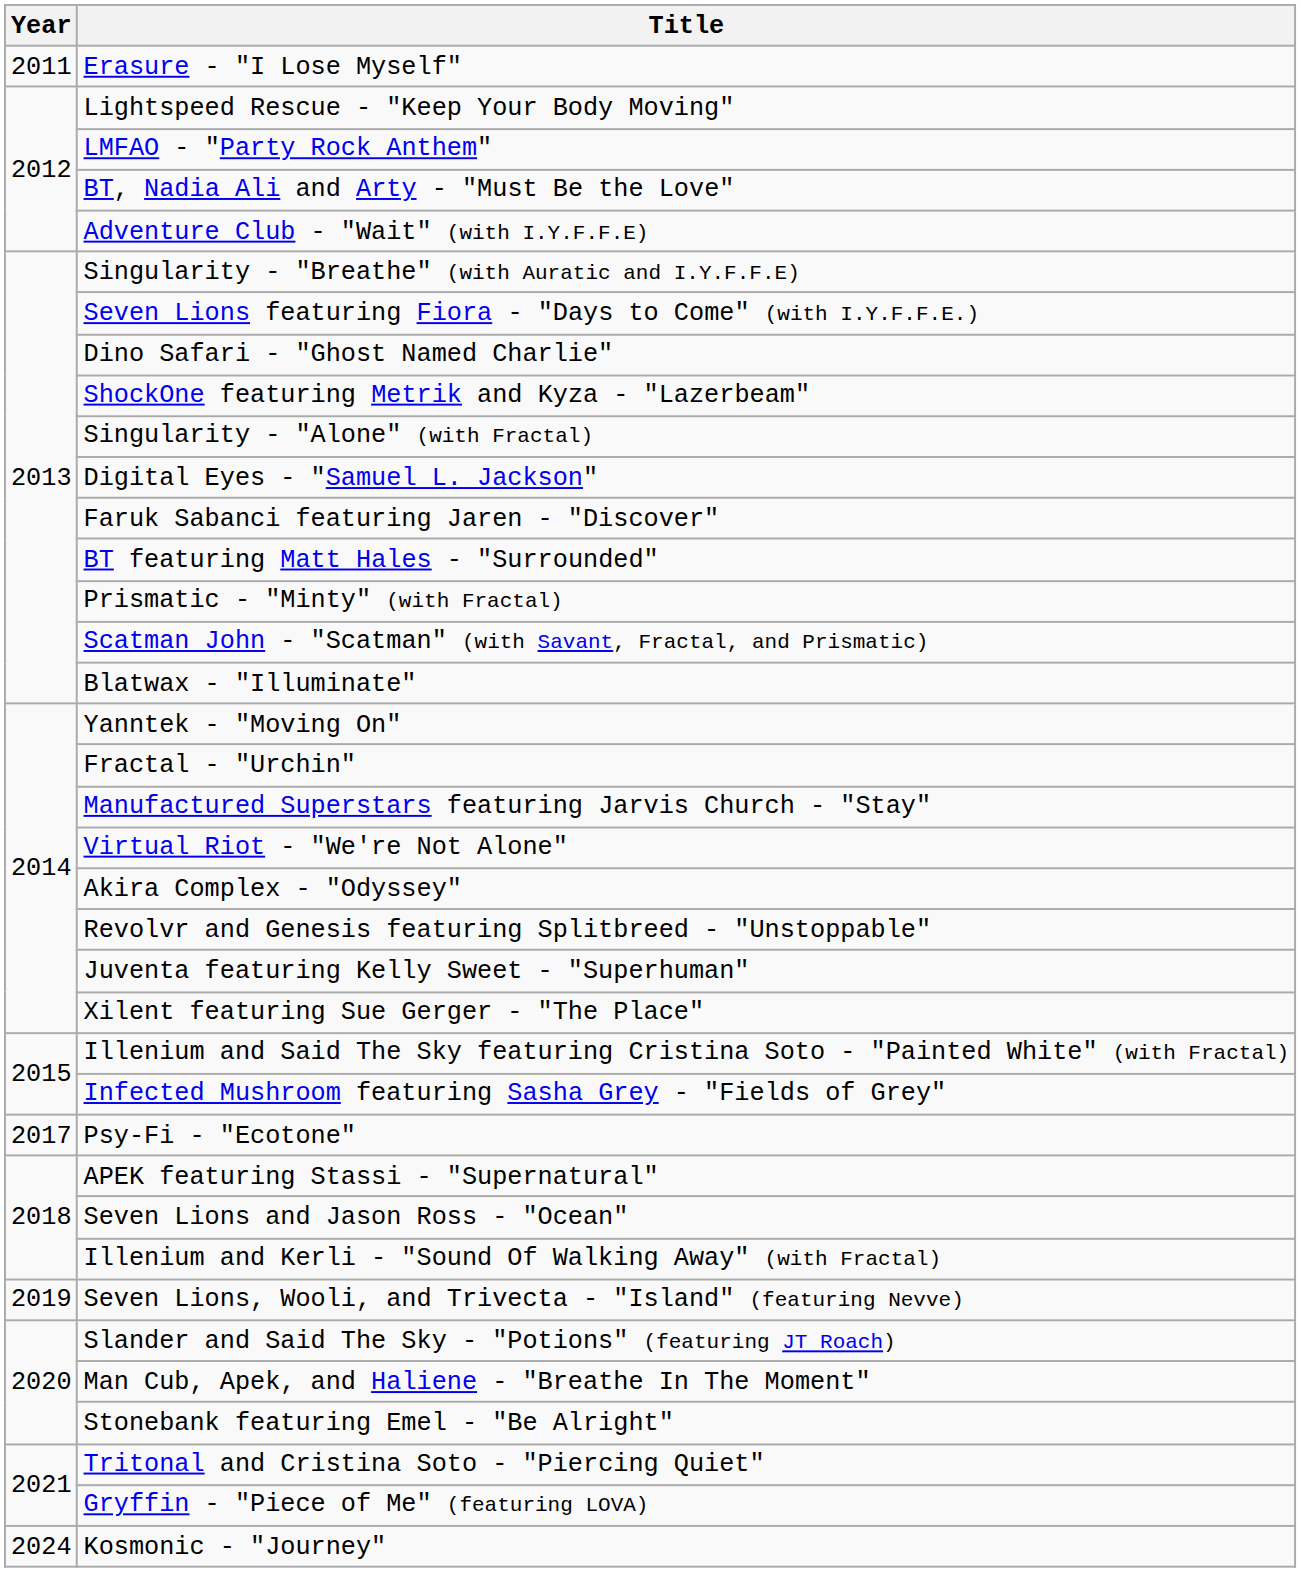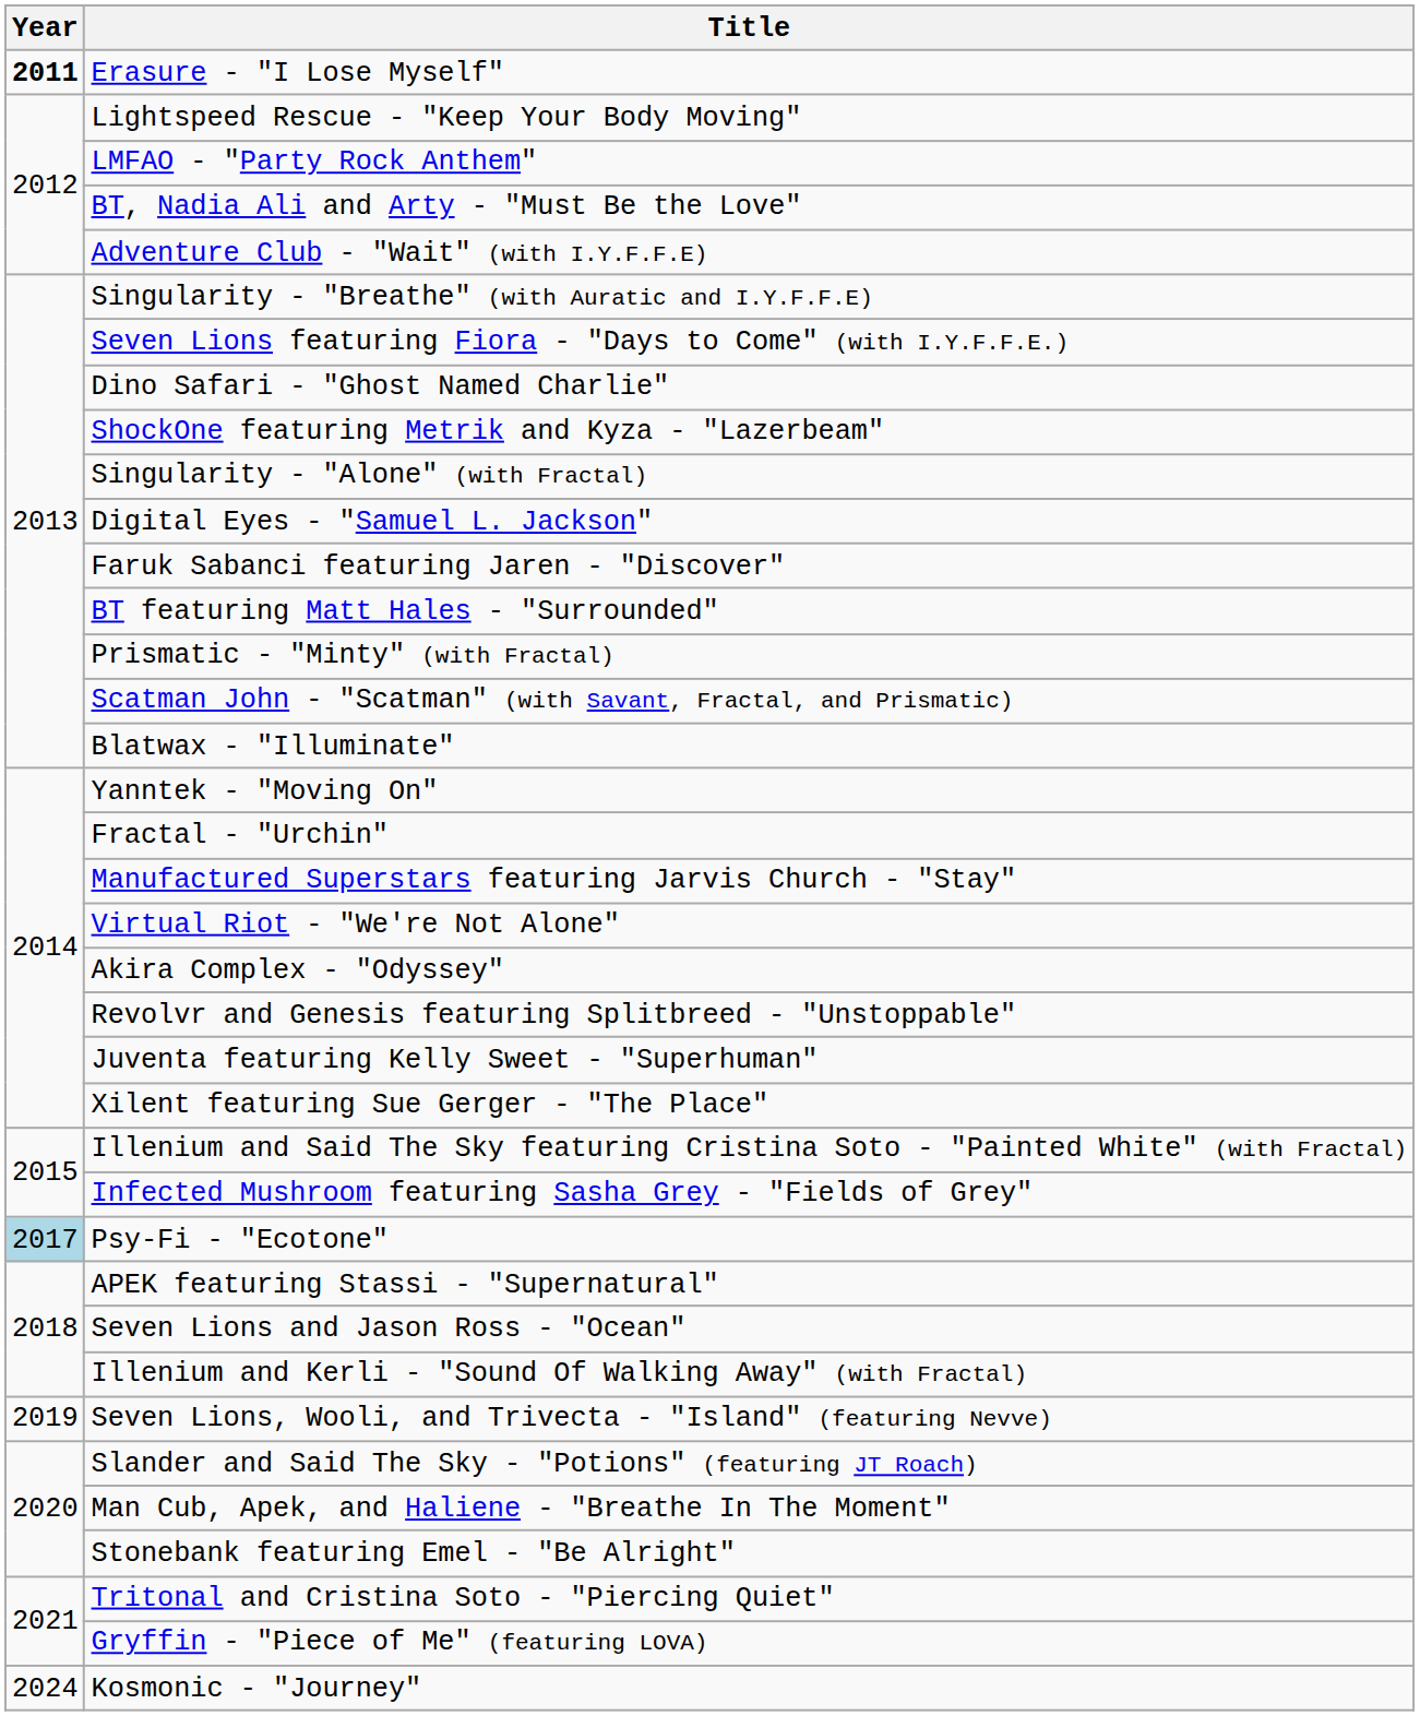 <table class="wikitable">
 <tr>
 <th>Year</th>
 <th>Title</th>
 </tr>
 <tr>
-<td>2011</td>
+<td><strong>2011</strong></td>
 <td><a href='#'>Erasure</a> - "I Lose Myself"</td>
 </tr>
 <tr>
 <td rowspan="4">2012</td>
 <td>Lightspeed Rescue - "Keep Your Body Moving"</td>
 </tr>
 <tr>
 <td><a href='#'>LMFAO</a> - "<a href='#'>Party Rock Anthem</a>"</td>
 </tr>
 <tr>
 <td><a href='#'>BT</a>, <a href='#'>Nadia Ali</a> and <a href='#'>Arty</a> - "Must Be the Love"</td>
 </tr>
 <tr>
 <td><a href='#'>Adventure Club</a> - "Wait" <small>(with I.Y.F.F.E)</small></td>
 </tr>
 <tr>
 <td rowspan="11">2013</td>
 <td>Singularity - "Breathe" <small>(with Auratic and I.Y.F.F.E)</small></td>
 </tr>
 <tr>
 <td><a href='#'>Seven Lions</a> featuring <a href='#'>Fiora</a> - "Days to Come" <small>(with I.Y.F.F.E.)</small></td>
 </tr>
 <tr>
 <td>Dino Safari - "Ghost Named Charlie"</td>
 </tr>
 <tr>
 <td><a href='#'>ShockOne</a> featuring <a href='#'>Metrik</a> and Kyza - "Lazerbeam"</td>
 </tr>
 <tr>
 <td>Singularity - "Alone" <small>(with Fractal)</small></td>
 </tr>
 <tr>
 <td>Digital Eyes - "<a href='#'>Samuel L. Jackson</a>"</td>
 </tr>
 <tr>
 <td>Faruk Sabanci featuring Jaren - "Discover"</td>
 </tr>
 <tr>
 <td><a href='#'>BT</a> featuring <a href='#'>Matt Hales</a> - "Surrounded"</td>
 </tr>
 <tr>
 <td>Prismatic - "Minty" <small>(with Fractal)</small></td>
 </tr>
 <tr>
 <td><a href='#'>Scatman John</a> - "Scatman" <small>(with <a href='#'>Savant</a>, Fractal, and Prismatic)</small></td>
 </tr>
 <tr>
 <td>Blatwax - "Illuminate"</td>
 </tr>
 <tr>
 <td rowspan="8">2014</td>
 <td>Yanntek - "Moving On"</td>
 </tr>
 <tr>
 <td>Fractal - "Urchin"</td>
 </tr>
 <tr>
 <td><a href='#'>Manufactured Superstars</a> featuring Jarvis Church - "Stay"</td>
 </tr>
 <tr>
 <td><a href='#'>Virtual Riot</a> - "We're Not Alone"</td>
 </tr>
 <tr>
 <td>Akira Complex - "Odyssey"</td>
 </tr>
 <tr>
 <td>Revolvr and Genesis featuring Splitbreed - "Unstoppable"</td>
 </tr>
 <tr>
 <td>Juventa featuring Kelly Sweet - "Superhuman"</td>
 </tr>
 <tr>
 <td>Xilent featuring Sue Gerger - "The Place"</td>
 </tr>
 <tr>
 <td rowspan="2">2015</td>
 <td>Illenium and Said The Sky featuring Cristina Soto - "Painted White" <small>(with Fractal)</small></td>
 </tr>
 <tr>
 <td><a href='#'>Infected Mushroom</a> featuring <a href='#'>Sasha Grey</a> - "Fields of Grey"</td>
 </tr>
 <tr>
-<td>2017</td>
+<td style="background: lightblue;">2017</td>
 <td>Psy-Fi - "Ecotone"</td>
 </tr>
 <tr>
 <td rowspan="3">2018</td>
 <td>APEK featuring Stassi - "Supernatural"</td>
 </tr>
 <tr>
 <td>Seven Lions and Jason Ross - "Ocean"</td>
 </tr>
 <tr>
 <td>Illenium and Kerli - "Sound Of Walking Away" <small>(with Fractal)</small></td>
 </tr>
 <tr>
 <td>2019</td>
 <td>Seven Lions, Wooli, and Trivecta - "Island" <small>(featuring Nevve)</small></td>
 </tr>
 <tr>
 <td rowspan="3">2020</td>
 <td>Slander and Said The Sky - "Potions" <small>(featuring <a href='#'>JT Roach</a>)</small></td>
 </tr>
 <tr>
 <td>Man Cub, Apek, and <a href='#'>Haliene</a> - "Breathe In The Moment"</td>
 </tr>
 <tr>
 <td>Stonebank featuring Emel - "Be Alright"</td>
 </tr>
 <tr>
 <td rowspan = "2">2021</td>
 <td><a href='#'>Tritonal</a> and Cristina Soto - "Piercing Quiet"</td>
 </tr>
 <tr>
 <td><a href='#'>Gryffin</a> - "Piece of Me" <small>(featuring LOVA)</small></td>
 </tr>
 <tr>
 <td>2024</td>
 <td>Kosmonic - "Journey"</td>
 </tr>
 </table>
